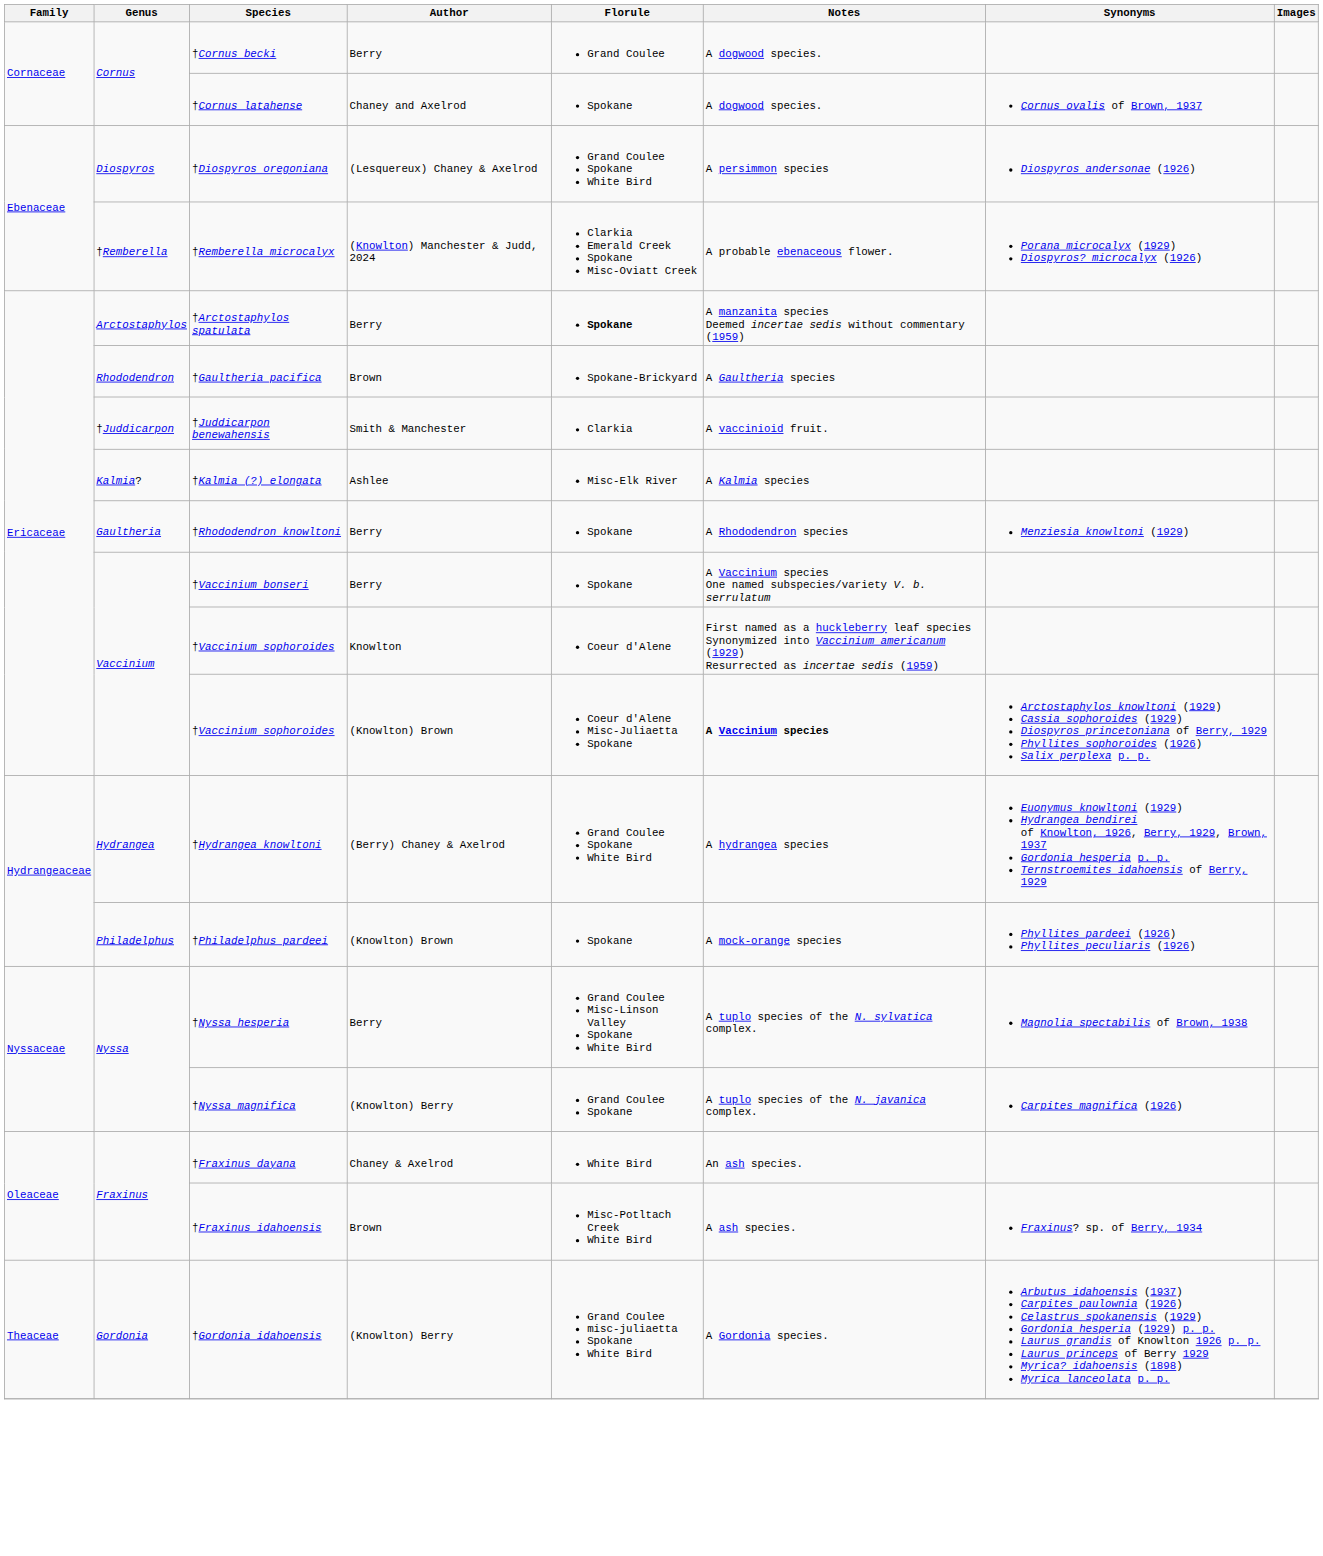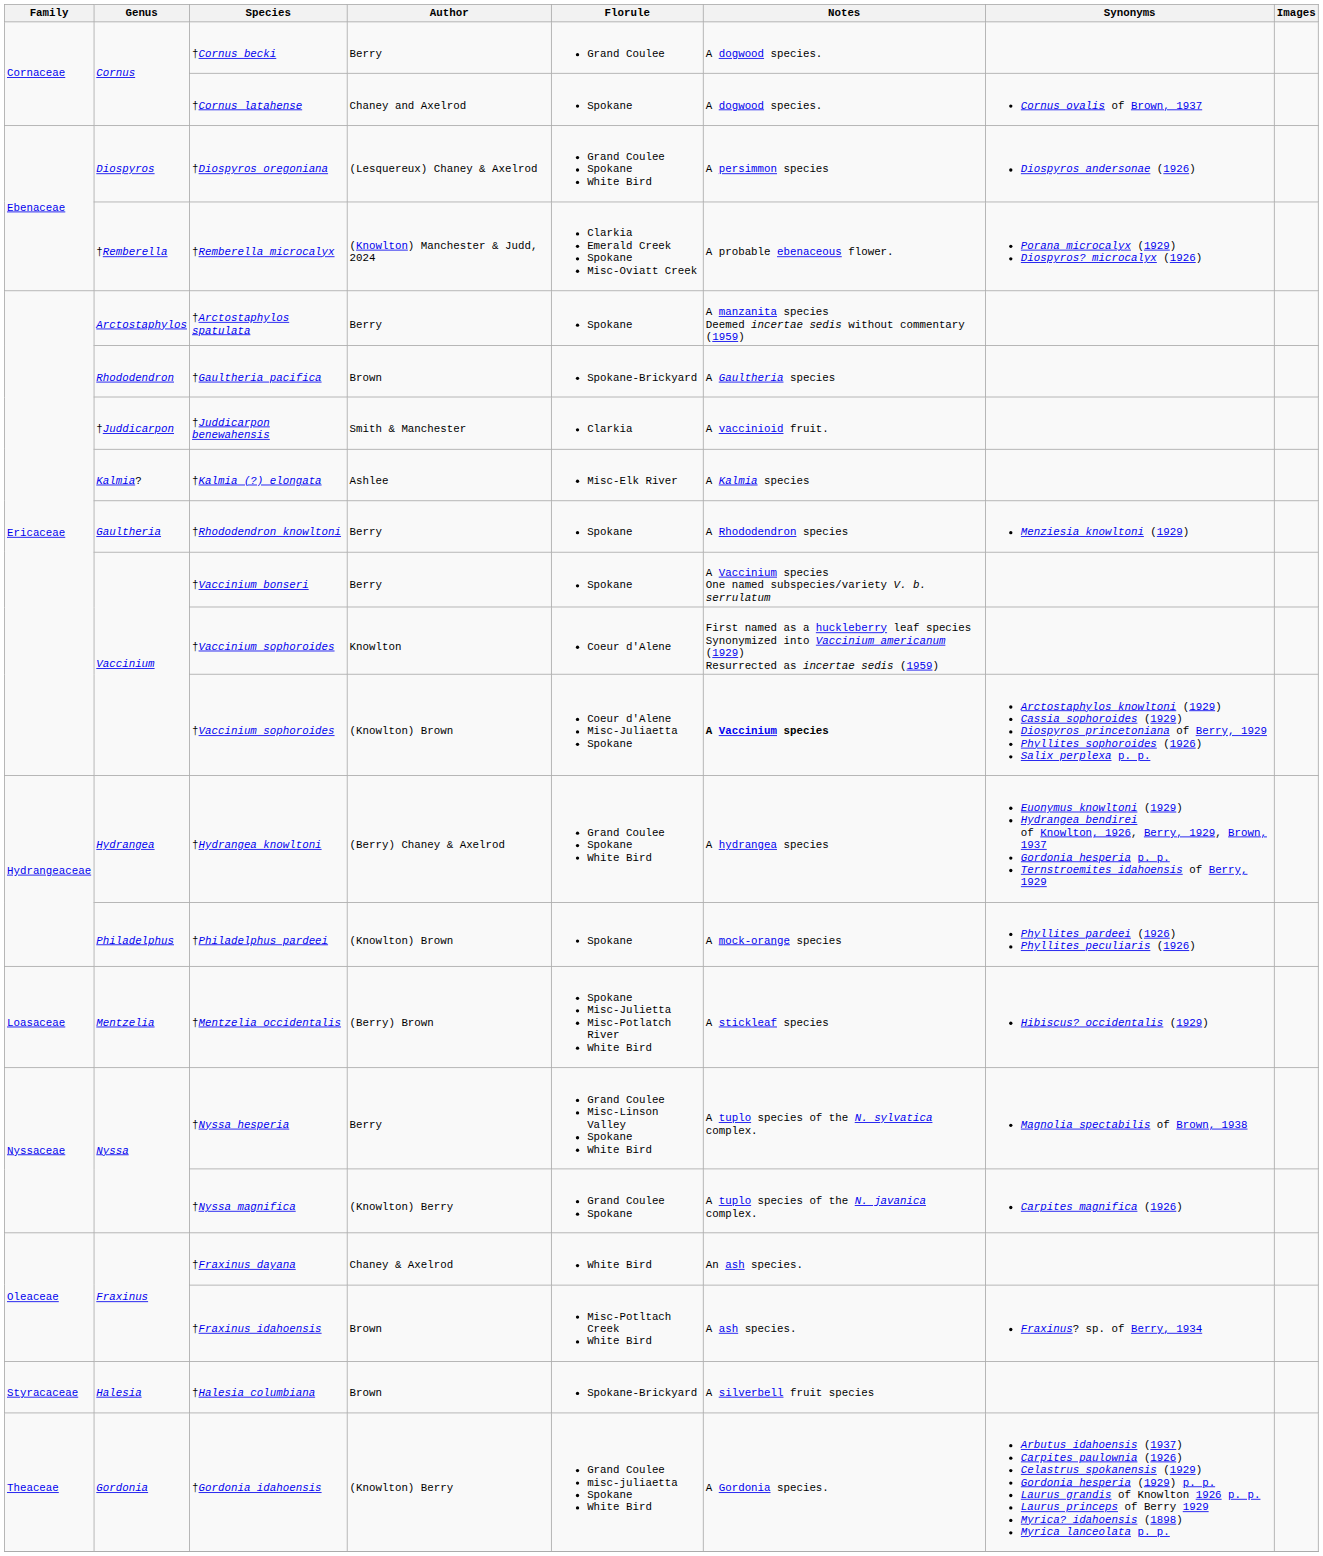 <table class="wikitable sortable mw-collapsible" style="margin:auto; width:100%">
 <tr>
 <th>Family</th>
 <th>Genus</th>
 <th>Species</th>
 <th>Author</th>
 <th>Florule</th>
 <th>Notes</th>
 <th>Synonyms</th>
 <th>Images</th>
 </tr>
 <tr>
 <td rowspan=2><a href='#'>Cornaceae</a></td>
 <td rowspan=2><em><a href='#'>Cornus</a></em></td>
 <td><br>†<em><a href='#'>Cornus becki</a></em></td>
 <td><br>Berry</td>
 <td><br><ul><li>Grand Coulee</li></ul></td>
 <td><br>A <a href='#'>dogwood</a> species.</td>
 <td></td>
 <td></td>
 </tr>
 <tr>
 <td><br>†<em><a href='#'>Cornus latahense</a></em></td>
 <td><br>Chaney and Axelrod</td>
 <td><br><ul><li>Spokane</li></ul></td>
 <td><br>A <a href='#'>dogwood</a> species.</td>
 <td><br><ul><li><em><a href='#'>Cornus ovalis</a></em> of <a href='#'>Brown, 1937</a></li></ul></td>
 <td></td>
 </tr>
 <tr>
 <td rowspan=2><a href='#'>Ebenaceae</a></td>
 <td><br><em><a href='#'>Diospyros</a></em></td>
 <td><br>†<em><a href='#'>Diospyros oregoniana</a></em></td>
 <td><br>(Lesquereux) Chaney & Axelrod</td>
 <td><br><ul><li>Grand Coulee</li><li>Spokane</li><li>White Bird</li></ul></td>
 <td><br>A <a href='#'>persimmon</a> species</td>
 <td><br><ul><li><em><a href='#'>Diospyros andersonae</a></em> (<a href='#'>1926</a>)</li></ul></td>
 <td><br></td>
 </tr>
 <tr>
 <td><br>†<em><a href='#'>Remberella</a></em> </td>
 <td><br>†<em><a href='#'>Remberella microcalyx</a></em></td>
 <td><br>(<a href='#'>Knowlton</a>) Manchester & Judd, 2024</td>
 <td><br><ul><li>Clarkia</li><li>Emerald Creek</li><li>Spokane</li><li>Misc-Oviatt Creek</li></ul></td>
 <td><br>A probable <a href='#'>ebenaceous</a> flower.</td>
 <td><br><ul><li><em><a href='#'>Porana microcalyx</a></em> (<a href='#'>1929</a>)</li><li><em><a href='#'>Diospyros? microcalyx</a></em> (<a href='#'>1926</a>)</li></ul></td>
 <td><br></td>
 </tr>
 <tr>
 <td rowspan=8><a href='#'>Ericaceae</a></td>
 <td><br><em><a href='#'>Arctostaphylos</a></em></td>
 <td><br>†<em><a href='#'>Arctostaphylos spatulata</a></em></td>
 <td><br>Berry</td>
-<td><strong><br><ul><li>Spokane</li></ul></strong></td>
+<td><br><ul><li>Spokane</li></ul></td>
 <td><br>A <a href='#'>manzanita</a> species<br>Deemed <em>incertae sedis</em> without commentary (<a href='#'>1959</a>)</td>
 <td></td>
 <td><br></td>
 </tr>
 <tr>
 <td><br><em><a href='#'>Rhododendron</a></em></td>
 <td><br>†<em><a href='#'>Gaultheria pacifica</a></em></td>
 <td><br>Brown</td>
 <td><br><ul><li>Spokane-Brickyard</li></ul></td>
 <td><br>A <em><a href='#'>Gaultheria</a></em> species</td>
 <td></td>
 <td></td>
 </tr>
 <tr>
 <td><br>†<em><a href='#'>Juddicarpon</a></em></td>
 <td><br>†<em><a href='#'>Juddicarpon benewahensis</a></em></td>
 <td><br>Smith & Manchester</td>
 <td><br><ul><li>Clarkia</li></ul></td>
 <td><br>A <a href='#'>vaccinioid</a> fruit.</td>
 <td></td>
 <td></td>
 </tr>
 <tr>
 <td><br><em><a href='#'>Kalmia</a></em>?</td>
 <td><br>†<em><a href='#'>Kalmia (?) elongata</a></em></td>
 <td><br>Ashlee</td>
 <td><br><ul><li>Misc-Elk River</li></ul></td>
 <td><br>A <em><a href='#'>Kalmia</a></em> species</td>
 <td></td>
 <td></td>
 </tr>
 <tr>
 <td><br><em><a href='#'>Gaultheria</a></em></td>
 <td><br>†<em><a href='#'>Rhododendron knowltoni</a></em></td>
 <td><br>Berry</td>
 <td><br><ul><li>Spokane</li></ul></td>
 <td><br>A <a href='#'>Rhododendron</a> species</td>
 <td><br><ul><li><em><a href='#'>Menziesia knowltoni</a></em> (<a href='#'>1929</a>)</li></ul></td>
 <td><br></td>
 </tr>
 <tr>
 <td rowspan=3><em><a href='#'>Vaccinium</a></em></td>
 <td><br>†<em><a href='#'>Vaccinium bonseri</a></em></td>
 <td><br>Berry</td>
 <td><br><ul><li>Spokane</li></ul></td>
 <td><br>A <a href='#'>Vaccinium</a> species<br> One named subspecies/variety <em>V. b. serrulatum</em></td>
 <td></td>
 <td><br></td>
 </tr>
 <tr>
 <td><br>†<em><a href='#'>Vaccinium sophoroides</a></em></td>
 <td><br>Knowlton</td>
 <td><br><ul><li>Coeur d'Alene</li></ul></td>
 <td><br>First named as a <a href='#'>huckleberry</a> leaf species<br>Synonymized into <em><a href='#'>Vaccinium americanum</a></em> (<a href='#'>1929</a>)<br> Resurrected as <em>incertae sedis</em> (<a href='#'>1959</a>)</td>
 <td></td>
 <td><br></td>
 </tr>
 <tr>
 <td><br>†<em><a href='#'>Vaccinium sophoroides</a></em></td>
 <td><br>(Knowlton) Brown</td>
 <td><br><ul><li>Coeur d'Alene</li><li>Misc-Juliaetta</li><li>Spokane</li></ul></td>
 <td><strong><br>A <a href='#'>Vaccinium</a> species</strong></td>
 <td><br><ul><li><em><a href='#'>Arctostaphylos knowltoni</a></em> (<a href='#'>1929</a>)</li><li><em><a href='#'>Cassia sophoroides</a></em> (<a href='#'>1929</a>)</li><li><em><a href='#'>Diospyros princetoniana</a></em> of <a href='#'>Berry, 1929</a></li><li><em><a href='#'>Phyllites sophoroides</a></em> (<a href='#'>1926</a>)</li><li><em><a href='#'>Salix perplexa</a></em> <a href='#'>p. p.</a></li></ul></td>
 <td><br></td>
 </tr>
 <tr>
 <td rowspan=2><a href='#'>Hydrangeaceae</a></td>
 <td><br><em><a href='#'>Hydrangea</a></em></td>
 <td><br>†<em><a href='#'>Hydrangea knowltoni</a></em></td>
 <td><br>(Berry) Chaney & Axelrod</td>
 <td><br><ul><li>Grand Coulee</li><li>Spokane</li><li>White Bird</li></ul></td>
 <td><br>A <a href='#'>hydrangea</a> species</td>
 <td><br><ul><li><em><a href='#'>Euonymus knowltoni</a></em> (<a href='#'>1929</a>)</li><li><em><a href='#'>Hydrangea bendirei</a></em><br> of <a href='#'>Knowlton, 1926</a>, <a href='#'>Berry, 1929</a>, <a href='#'>Brown, 1937</a></li><li><em><a href='#'>Gordonia hesperia</a></em> <a href='#'>p. p.</a></li><li><em><a href='#'>Ternstroemites idahoensis</a></em> of <a href='#'>Berry, 1929</a></li></ul></td>
 <td><br></td>
 </tr>
 <tr>
 <td><br><em><a href='#'>Philadelphus</a></em></td>
 <td><br>†<em><a href='#'>Philadelphus pardeei</a></em></td>
 <td><br>(Knowlton) Brown</td>
 <td><br><ul><li>Spokane</li></ul></td>
 <td><br>A <a href='#'>mock-orange</a> species</td>
 <td><br><ul><li><em><a href='#'>Phyllites pardeei</a></em> (<a href='#'>1926</a>)</li><li><em><a href='#'>Phyllites peculiaris</a></em> (<a href='#'>1926</a>)</li></ul></td>
 <td><br></td>
 </tr>
 <tr>
+<td><br><a href='#'>Loasaceae</a></td>
+<td><br><em><a href='#'>Mentzelia</a></em></td>
+<td><br>†<em><a href='#'>Mentzelia occidentalis</a></em></td>
+<td><br>(Berry) Brown</td>
+<td><br><ul><li>Spokane</li><li>Misc-Julietta</li><li>Misc-Potlatch River</li><li>White Bird</li></ul></td>
+<td><br>A <a href='#'>stickleaf</a> species</td>
+<td><br><ul><li><em><a href='#'>Hibiscus? occidentalis</a></em> (<a href='#'>1929</a>)</li></ul></td>
+<td><br></td>
+</tr>
+<tr>
 <td rowspan=2><a href='#'>Nyssaceae</a></td>
 <td rowspan=2><em><a href='#'>Nyssa</a></em></td>
 <td><br>†<em><a href='#'>Nyssa hesperia</a></em></td>
 <td><br>Berry</td>
 <td><br><ul><li>Grand Coulee</li><li>Misc-Linson Valley</li><li>Spokane</li><li>White Bird</li></ul></td>
 <td><br>A <a href='#'>tuplo</a> species of the <em><a href='#'>N. sylvatica</a></em> complex.</td>
 <td><br><ul><li><em><a href='#'>Magnolia spectabilis</a></em> of <a href='#'>Brown, 1938</a></li></ul></td>
 <td></td>
 </tr>
 <tr>
 <td><br>†<em><a href='#'>Nyssa magnifica</a></em></td>
 <td><br>(Knowlton) Berry</td>
 <td><br><ul><li>Grand Coulee</li><li>Spokane</li></ul></td>
 <td><br>A <a href='#'>tuplo</a> species of the <em><a href='#'>N. javanica</a></em> complex.</td>
 <td><br><ul><li><em><a href='#'>Carpites magnifica</a></em> (<a href='#'>1926</a>)</li></ul></td>
 <td><br></td>
 </tr>
 <tr>
 <td rowspan=2><a href='#'>Oleaceae</a></td>
 <td rowspan=2><em><a href='#'>Fraxinus</a></em></td>
 <td><br>†<em><a href='#'>Fraxinus dayana</a></em></td>
 <td><br>Chaney & Axelrod</td>
 <td><br><ul><li>White Bird</li></ul></td>
 <td><br>An <a href='#'>ash</a> species.</td>
 <td></td>
 <td></td>
 </tr>
 <tr>
 <td><br>†<em><a href='#'>Fraxinus idahoensis</a></em></td>
 <td><br>Brown</td>
 <td><br><ul><li>Misc-Potltach Creek</li><li>White Bird</li></ul></td>
 <td><br>A <a href='#'>ash</a> species.</td>
 <td><br><ul><li><em><a href='#'>Fraxinus</a></em>? sp. of <a href='#'>Berry, 1934</a></li></ul></td>
 <td></td>
 </tr>
 <tr>
+<td><br><a href='#'>Styracaceae</a></td>
+<td><br><em><a href='#'>Halesia</a></em></td>
+<td><br>†<em><a href='#'>Halesia columbiana</a></em></td>
+<td><br>Brown</td>
+<td><br><ul><li>Spokane-Brickyard</li></ul></td>
+<td><br>A <a href='#'>silverbell</a> fruit species</td>
+<td></td>
+<td></td>
+</tr>
+<tr>
 <td><br><a href='#'>Theaceae</a></td>
 <td><br><em><a href='#'>Gordonia</a></em></td>
 <td><br>†<em><a href='#'>Gordonia idahoensis</a></em></td>
 <td><br>(Knowlton) Berry</td>
 <td><br><ul><li>Grand Coulee</li><li>misc-juliaetta</li><li>Spokane</li><li>White Bird</li></ul></td>
 <td><br>A <a href='#'>Gordonia</a> species.</td>
 <td><br><ul><li><em><a href='#'>Arbutus idahoensis</a></em> (<a href='#'>1937</a>)</li><li><em><a href='#'>Carpites paulownia</a></em> (<a href='#'>1926</a>)</li><li><em><a href='#'>Celastrus spokanensis</a></em> (<a href='#'>1929</a>)</li><li><em><a href='#'>Gordonia hesperia</a></em> (<a href='#'>1929</a>) <a href='#'>p. p.</a></li><li><em><a href='#'>Laurus grandis</a></em> of Knowlton <a href='#'>1926</a> <a href='#'>p. p.</a></li><li><em><a href='#'>Laurus princeps</a></em> of Berry <a href='#'>1929</a></li><li><em><a href='#'>Myrica? idahoensis</a></em> (<a href='#'>1898</a>)</li><li><em><a href='#'>Myrica lanceolata</a></em> <a href='#'>p. p.</a></li></ul></td>
 <td><br></td>
 </tr>
 <tr>
 </tr>
 </table>
